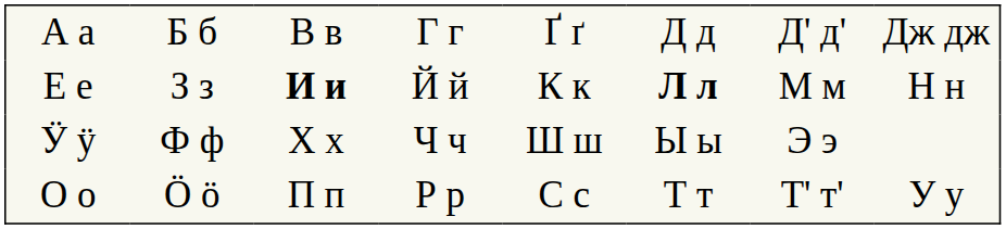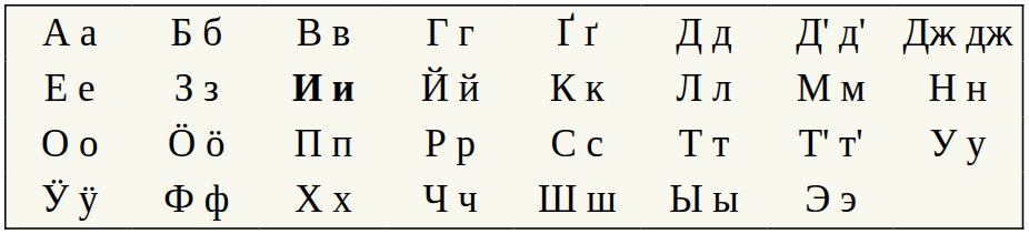 <table style="font-family:Arial Unicode MS; font-size:1.4em; border-color:#000000; border-width:1px; border-style:solid; border-collapse:collapse; background-color:#F8F8EF">
 <tr>
 <td style="width:3em; text-align:center; padding: 3px;">А а</td>
 <td style="width:3em; text-align:center; padding: 3px;">Б б</td>
 <td style="width:3em; text-align:center; padding: 3px;">В в</td>
 <td style="width:3em; text-align:center; padding: 3px;">Г г</td>
 <td style="width:3em; text-align:center; padding: 3px;">Ґ ґ</td>
 <td style="width:3em; text-align:center; padding: 3px;">Д д</td>
 <td style="width:3em; text-align:center; padding: 3px;">Д' д'</td>
 <td style="width:3em; text-align:center; padding: 3px;">Дж дж</td>
 </tr>
 <tr>
 <td style="width:3em; text-align:center; padding: 3px;">Е е</td>
 <td style="width:3em; text-align:center; padding: 3px;">З з</td>
 <td style="width:3em; text-align:center; padding: 3px;"><strong>И и</strong></td>
 <td style="width:3em; text-align:center; padding: 3px;">Й й</td>
 <td style="width:3em; text-align:center; padding: 3px;">К к</td>
-<td style="width:3em; text-align:center; padding: 3px;"><strong>Л л</strong></td>
+<td style="width:3em; text-align:center; padding: 3px;">Л л</td>
 <td style="width:3em; text-align:center; padding: 3px;">М м</td>
 <td style="width:3em; text-align:center; padding: 3px;">Н н</td>
+</tr>
+<tr>
+<td style="width:3em; text-align:center; padding: 3px;">О о</td>
+<td style="width:3em; text-align:center; padding: 3px;">Ӧ ӧ</td>
+<td style="width:3em; text-align:center; padding: 3px;">П п</td>
+<td style="width:3em; text-align:center; padding: 3px;">Р р</td>
+<td style="width:3em; text-align:center; padding: 3px;">С с</td>
+<td style="width:3em; text-align:center; padding: 3px;">Т т</td>
+<td style="width:3em; text-align:center; padding: 3px;">Т' т'</td>
+<td style="width:3em; text-align:center; padding: 3px;">У у</td>
 </tr>
 <tr>
 <td style="width:3em; text-align:center; padding: 3px;">Ӱ ӱ</td>
 <td style="width:3em; text-align:center; padding: 3px;">Ф ф</td>
 <td style="width:3em; text-align:center; padding: 3px;">Х х</td>
 <td style="width:3em; text-align:center; padding: 3px;">Ч ч</td>
 <td style="width:3em; text-align:center; padding: 3px;">Ш ш</td>
 <td style="width:3em; text-align:center; padding: 3px;">Ы ы</td>
 <td style="width:3em; text-align:center; padding: 3px;">Э э</td>
 <td></td>
 </tr>
-<tr>
-<td style="width:3em; text-align:center; padding: 3px;">О о</td>
-<td style="width:3em; text-align:center; padding: 3px;">Ӧ ӧ</td>
-<td style="width:3em; text-align:center; padding: 3px;">П п</td>
-<td style="width:3em; text-align:center; padding: 3px;">Р р</td>
-<td style="width:3em; text-align:center; padding: 3px;">С с</td>
-<td style="width:3em; text-align:center; padding: 3px;">Т т</td>
-<td style="width:3em; text-align:center; padding: 3px;">Т' т'</td>
-<td style="width:3em; text-align:center; padding: 3px;">У у</td>
-</tr>
 </table>
